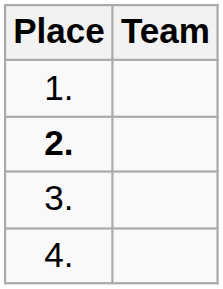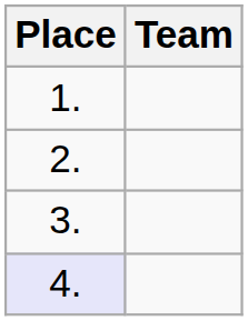 <table class="wikitable" style="text-align: center;">
 <tr>
 <th>Place</th>
 <th>Team</th>
 </tr>
 <tr>
 <td>1.</td>
 <td style="text-align:left;"></td>
 </tr>
 <tr>
-<td><strong>2.</strong></td>
+<td>2.</td>
 <td style="text-align:left;"></td>
 </tr>
 <tr>
 <td>3.</td>
 <td style="text-align:left;"></td>
 </tr>
 <tr>
-<td>4.</td>
+<td style="background: lavender;">4.</td>
 <td style="text-align:left;"></td>
 </tr>
 </table>
